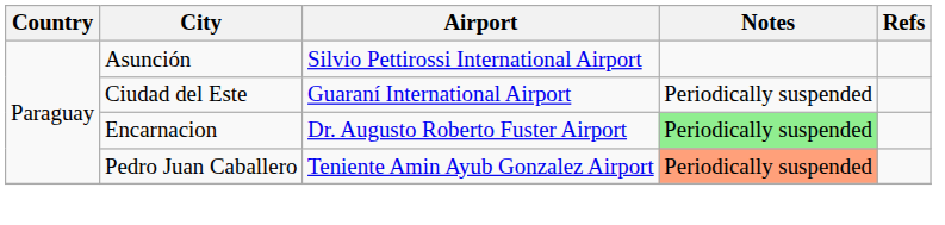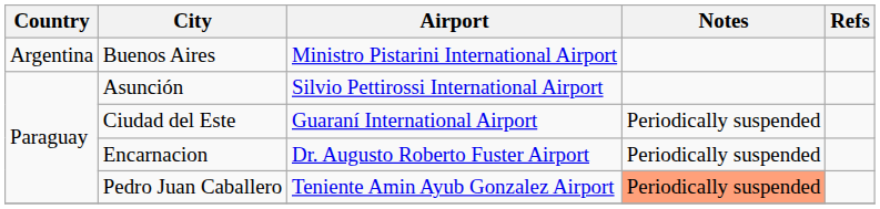 <table class="sortable wikitable">
 <tr>
 <th>Country</th>
 <th>City</th>
 <th>Airport</th>
 <th>Notes</th>
 <th class="unsortable">Refs</th>
+</tr>
+<tr>
+<td>Argentina</td>
+<td>Buenos Aires</td>
+<td><a href='#'>Ministro Pistarini International Airport</a></td>
+<td></td>
+<td></td>
 </tr>
 <tr>
 <td rowspan=4>Paraguay</td>
 <td>Asunción</td>
 <td><a href='#'>Silvio Pettirossi International Airport</a></td>
 <td></td>
 <td></td>
 </tr>
 <tr>
 <td>Ciudad del Este</td>
 <td><a href='#'>Guaraní International Airport</a></td>
 <td align=center>Periodically suspended</td>
 <td></td>
 </tr>
 <tr>
 <td>Encarnacion</td>
 <td><a href='#'>Dr. Augusto Roberto Fuster Airport</a></td>
-<td align=center style="background: lightgreen;">Periodically suspended</td>
+<td align=center>Periodically suspended</td>
 <td></td>
 </tr>
 <tr>
 <td>Pedro Juan Caballero</td>
 <td><a href='#'>Teniente Amin Ayub Gonzalez Airport</a></td>
 <td align=center style="background: lightsalmon;">Periodically suspended</td>
 <td></td>
 </tr>
 <tr>
 </tr>
 </table>
